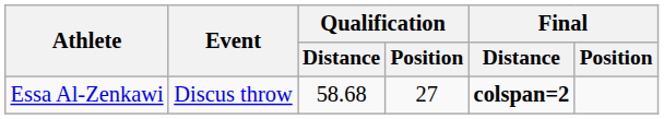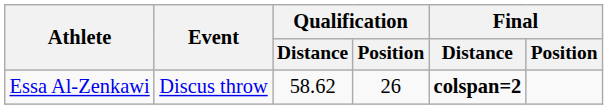 <table class=wikitable style="font-size:90%">
 <tr>
 <th rowspan="2">Athlete</th>
 <th rowspan="2">Event</th>
 <th colspan="2">Qualification</th>
 <th colspan="2">Final</th>
 </tr>
 <tr style="font-size:95%">
 <th>Distance</th>
 <th>Position</th>
 <th>Distance</th>
 <th>Position</th>
 </tr>
 <tr style=text-align:center>
 <td style=text-align:left><a href='#'>Essa Al-Zenkawi</a></td>
 <td style=text-align:left><a href='#'>Discus throw</a></td>
-<td>58.68</td>
-<td>27</td>
+<td>58.62</td>
+<td>26</td>
 <td><strong>colspan=2 </strong></td>
 </tr>
 </table>
